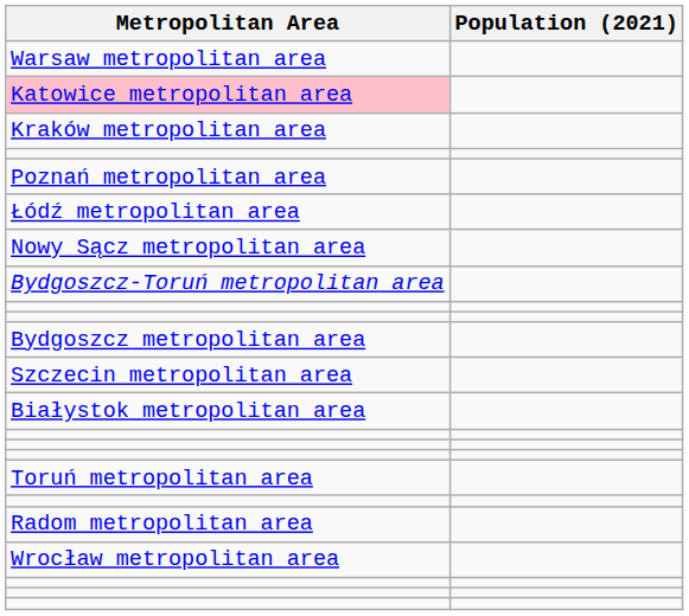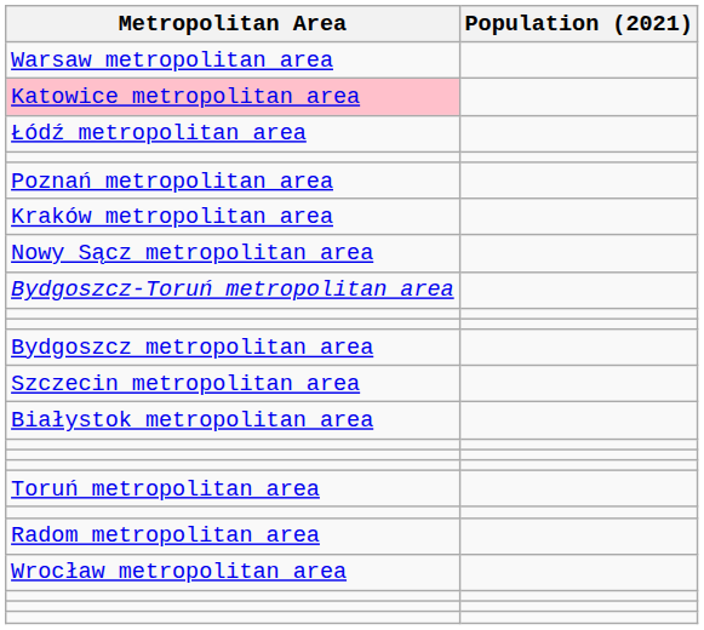 <table class="wikitable sortable">
 <tr>
 <th>Metropolitan Area</th>
 <th>Population (2021)</th>
 </tr>
 <tr>
 <td><a href='#'>Warsaw metropolitan area</a></td>
 <td></td>
 </tr>
 <tr>
 <td style="background: pink;"><a href='#'>Katowice metropolitan area</a></td>
 <td></td>
 </tr>
 <tr>
-<td><a href='#'>Kraków metropolitan area</a></td>
+<td><a href='#'>Łódź metropolitan area</a></td>
 <td></td>
 </tr>
 <tr>
 <td></td>
 <td></td>
 </tr>
 <tr>
 <td><a href='#'>Poznań metropolitan area</a></td>
 <td></td>
 </tr>
 <tr>
-<td><a href='#'>Łódź metropolitan area</a></td>
+<td><a href='#'>Kraków metropolitan area</a></td>
 <td></td>
 </tr>
 <tr>
 <td><a href='#'>Nowy Sącz metropolitan area</a></td>
 <td></td>
 </tr>
 <tr>
 <td><em><a href='#'>Bydgoszcz-Toruń metropolitan area</a></em></td>
 <td></td>
 </tr>
 <tr>
 <td></td>
 <td></td>
 </tr>
 <tr>
 <td></td>
 <td></td>
 </tr>
 <tr>
 <td><a href='#'>Bydgoszcz metropolitan area</a></td>
 <td></td>
 </tr>
 <tr>
 <td><a href='#'>Szczecin metropolitan area</a></td>
 <td></td>
 </tr>
 <tr>
 <td><a href='#'>Białystok metropolitan area</a></td>
 <td></td>
 </tr>
 <tr>
 <td></td>
 <td></td>
 </tr>
 <tr>
 <td></td>
 <td></td>
 </tr>
 <tr>
 <td></td>
 <td></td>
 </tr>
 <tr>
 <td><a href='#'>Toruń metropolitan area</a></td>
 <td></td>
 </tr>
 <tr>
 <td></td>
 <td></td>
 </tr>
 <tr>
 <td><a href='#'>Radom metropolitan area</a></td>
 <td></td>
 </tr>
 <tr>
 <td><a href='#'>Wrocław metropolitan area</a></td>
 <td></td>
 </tr>
 <tr>
 <td></td>
 <td></td>
 </tr>
 <tr>
 <td></td>
 <td></td>
 </tr>
 <tr>
 <td></td>
 <td></td>
 </tr>
 </table>
